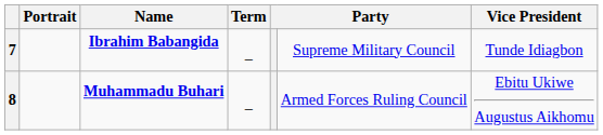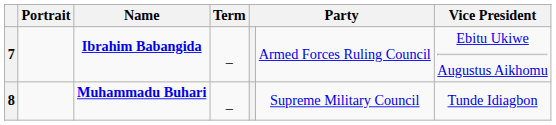 <table class="wikitable sortable sticky-header" style=text-align:center;>
 <tr>
 <th scope=col></th>
 <th scope=col class=unsortable>Portrait</th>
 <th scope=col>Name<br></th>
 <th scope=col class=unsortable>Term</th>
 <th scope=col colspan=2>Party</th>
 <th scope=col class=unsortable>Vice President</th>
 </tr>
 <tr>
 <th scope=row>7</th>
 <td></td>
 <td><strong><a href='#'>Ibrahim Babangida</a></strong><br><br></td>
 <td><br>–<br></td>
 <th style="background:"></th>
-<td><a href='#'>Supreme Military Council</a></td>
-<td><a href='#'>Tunde Idiagbon</a></td>
+<td><a href='#'>Armed Forces Ruling Council</a></td>
+<td><a href='#'>Ebitu Ukiwe</a><hr><a href='#'>Augustus Aikhomu</a></td>
 </tr>
 <tr>
 <th scope=row>8</th>
 <td></td>
 <td><strong><a href='#'>Muhammadu Buhari</a></strong><br><br></td>
 <td><br>–<br></td>
 <th style="background:"></th>
-<td><a href='#'>Armed Forces Ruling Council</a></td>
-<td><a href='#'>Ebitu Ukiwe</a><hr><a href='#'>Augustus Aikhomu</a></td>
+<td><a href='#'>Supreme Military Council</a></td>
+<td><a href='#'>Tunde Idiagbon</a></td>
 </tr>
 </table>
